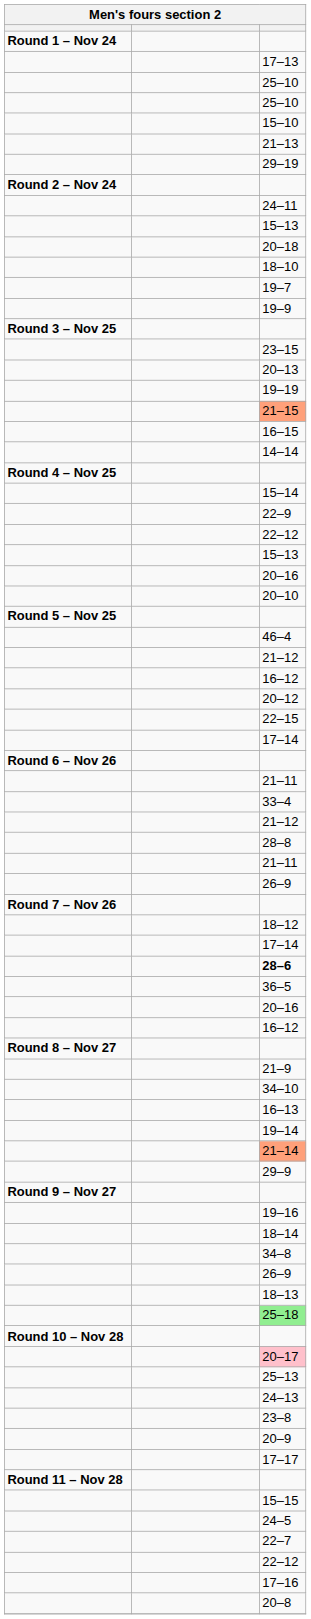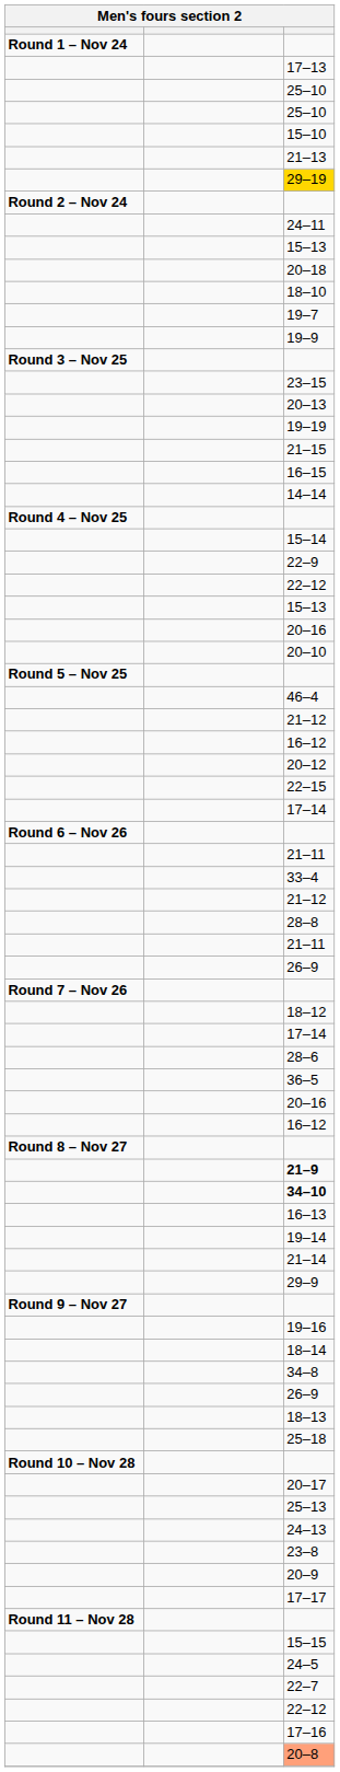 <table class="wikitable">
 <tr>
 <th colspan="3">Men's fours section 2</th>
 </tr>
 <tr>
 <th width=150></th>
 <th width=150></th>
 <th width=50></th>
 </tr>
 <tr>
 <td><strong>Round 1 – Nov 24</strong></td>
 <td></td>
 <td></td>
 </tr>
 <tr>
 <td></td>
 <td></td>
 <td>17–13</td>
 </tr>
 <tr>
 <td></td>
 <td></td>
 <td>25–10</td>
 </tr>
 <tr>
 <td></td>
 <td></td>
 <td>25–10</td>
 </tr>
 <tr>
 <td></td>
 <td></td>
 <td>15–10</td>
 </tr>
 <tr>
 <td></td>
 <td></td>
 <td>21–13</td>
 </tr>
 <tr>
 <td></td>
 <td></td>
-<td>29–19</td>
+<td style="background: gold;">29–19</td>
 </tr>
 <tr>
 <td><strong>Round 2 – Nov 24</strong></td>
 <td></td>
 <td></td>
 </tr>
 <tr>
 <td></td>
 <td></td>
 <td>24–11</td>
 </tr>
 <tr>
 <td></td>
 <td></td>
 <td>15–13</td>
 </tr>
 <tr>
 <td></td>
 <td></td>
 <td>20–18</td>
 </tr>
 <tr>
 <td></td>
 <td></td>
 <td>18–10</td>
 </tr>
 <tr>
 <td></td>
 <td></td>
 <td>19–7</td>
 </tr>
 <tr>
 <td></td>
 <td></td>
 <td>19–9</td>
 </tr>
 <tr>
 <td><strong>Round 3 – Nov 25</strong></td>
 <td></td>
 <td></td>
 </tr>
 <tr>
 <td></td>
 <td></td>
 <td>23–15</td>
 </tr>
 <tr>
 <td></td>
 <td></td>
 <td>20–13</td>
 </tr>
 <tr>
 <td></td>
 <td></td>
 <td>19–19</td>
 </tr>
 <tr>
 <td></td>
 <td></td>
-<td style="background: lightsalmon;">21–15</td>
+<td>21–15</td>
 </tr>
 <tr>
 <td></td>
 <td></td>
 <td>16–15</td>
 </tr>
 <tr>
 <td></td>
 <td></td>
 <td>14–14</td>
 </tr>
 <tr>
 <td><strong>Round 4 – Nov 25</strong></td>
 <td></td>
 <td></td>
 </tr>
 <tr>
 <td></td>
 <td></td>
 <td>15–14</td>
 </tr>
 <tr>
 <td></td>
 <td></td>
 <td>22–9</td>
 </tr>
 <tr>
 <td></td>
 <td></td>
 <td>22–12</td>
 </tr>
 <tr>
 <td></td>
 <td></td>
 <td>15–13</td>
 </tr>
 <tr>
 <td></td>
 <td></td>
 <td>20–16</td>
 </tr>
 <tr>
 <td></td>
 <td></td>
 <td>20–10</td>
 </tr>
 <tr>
 <td><strong>Round 5 – Nov 25</strong></td>
 <td></td>
 <td></td>
 </tr>
 <tr>
 <td></td>
 <td></td>
 <td>46–4</td>
 </tr>
 <tr>
 <td></td>
 <td></td>
 <td>21–12</td>
 </tr>
 <tr>
 <td></td>
 <td></td>
 <td>16–12</td>
 </tr>
 <tr>
 <td></td>
 <td></td>
 <td>20–12</td>
 </tr>
 <tr>
 <td></td>
 <td></td>
 <td>22–15</td>
 </tr>
 <tr>
 <td></td>
 <td></td>
 <td>17–14</td>
 </tr>
 <tr>
 <td><strong>Round 6  – Nov 26 </strong></td>
 <td></td>
 <td></td>
 </tr>
 <tr>
 <td></td>
 <td></td>
 <td>21–11</td>
 </tr>
 <tr>
 <td></td>
 <td></td>
 <td>33–4</td>
 </tr>
 <tr>
 <td></td>
 <td></td>
 <td>21–12</td>
 </tr>
 <tr>
 <td></td>
 <td></td>
 <td>28–8</td>
 </tr>
 <tr>
 <td></td>
 <td></td>
 <td>21–11</td>
 </tr>
 <tr>
 <td></td>
 <td></td>
 <td>26–9</td>
 </tr>
 <tr>
 <td><strong>Round 7 – Nov 26 </strong></td>
 <td></td>
 <td></td>
 </tr>
 <tr>
 <td></td>
 <td></td>
 <td>18–12</td>
 </tr>
 <tr>
 <td></td>
 <td></td>
 <td>17–14</td>
 </tr>
 <tr>
 <td></td>
 <td></td>
-<td><strong>28–6</strong></td>
+<td>28–6</td>
 </tr>
 <tr>
 <td></td>
 <td></td>
 <td>36–5</td>
 </tr>
 <tr>
 <td></td>
 <td></td>
 <td>20–16</td>
 </tr>
 <tr>
 <td></td>
 <td></td>
 <td>16–12</td>
 </tr>
 <tr>
 <td><strong>Round 8 – Nov 27</strong></td>
 <td></td>
 <td></td>
 </tr>
 <tr>
 <td></td>
 <td></td>
-<td>21–9</td>
+<td><strong>21–9</strong></td>
 </tr>
 <tr>
 <td></td>
 <td></td>
-<td>34–10</td>
+<td><strong>34–10</strong></td>
 </tr>
 <tr>
 <td></td>
 <td></td>
 <td>16–13</td>
 </tr>
 <tr>
 <td></td>
 <td></td>
 <td>19–14</td>
 </tr>
 <tr>
 <td></td>
 <td></td>
-<td style="background: lightsalmon;">21–14</td>
+<td>21–14</td>
 </tr>
 <tr>
 <td></td>
 <td></td>
 <td>29–9</td>
 </tr>
 <tr>
 <td><strong>Round 9 – Nov 27</strong></td>
 <td></td>
 <td></td>
 </tr>
 <tr>
 <td></td>
 <td></td>
 <td>19–16</td>
 </tr>
 <tr>
 <td></td>
 <td></td>
 <td>18–14</td>
 </tr>
 <tr>
 <td></td>
 <td></td>
 <td>34–8</td>
 </tr>
 <tr>
 <td></td>
 <td></td>
 <td>26–9</td>
 </tr>
 <tr>
 <td></td>
 <td></td>
 <td>18–13</td>
 </tr>
 <tr>
 <td></td>
 <td></td>
-<td style="background: lightgreen;">25–18</td>
+<td>25–18</td>
 </tr>
 <tr>
 <td><strong>Round 10 – Nov 28</strong></td>
 <td></td>
 <td></td>
 </tr>
 <tr>
 <td></td>
 <td></td>
-<td style="background: pink;">20–17</td>
+<td>20–17</td>
 </tr>
 <tr>
 <td></td>
 <td></td>
 <td>25–13</td>
 </tr>
 <tr>
 <td></td>
 <td></td>
 <td>24–13</td>
 </tr>
 <tr>
 <td></td>
 <td></td>
 <td>23–8</td>
 </tr>
 <tr>
 <td></td>
 <td></td>
 <td>20–9</td>
 </tr>
 <tr>
 <td></td>
 <td></td>
 <td>17–17</td>
 </tr>
 <tr>
 <td><strong>Round 11 – Nov 28</strong></td>
 <td></td>
 <td></td>
 </tr>
 <tr>
 <td></td>
 <td></td>
 <td>15–15</td>
 </tr>
 <tr>
 <td></td>
 <td></td>
 <td>24–5</td>
 </tr>
 <tr>
 <td></td>
 <td></td>
 <td>22–7</td>
 </tr>
 <tr>
 <td></td>
 <td></td>
 <td>22–12</td>
 </tr>
 <tr>
 <td></td>
 <td></td>
 <td>17–16</td>
 </tr>
 <tr>
 <td></td>
 <td></td>
-<td>20–8</td>
+<td style="background: lightsalmon;">20–8</td>
 </tr>
 <tr>
 </tr>
 </table>
